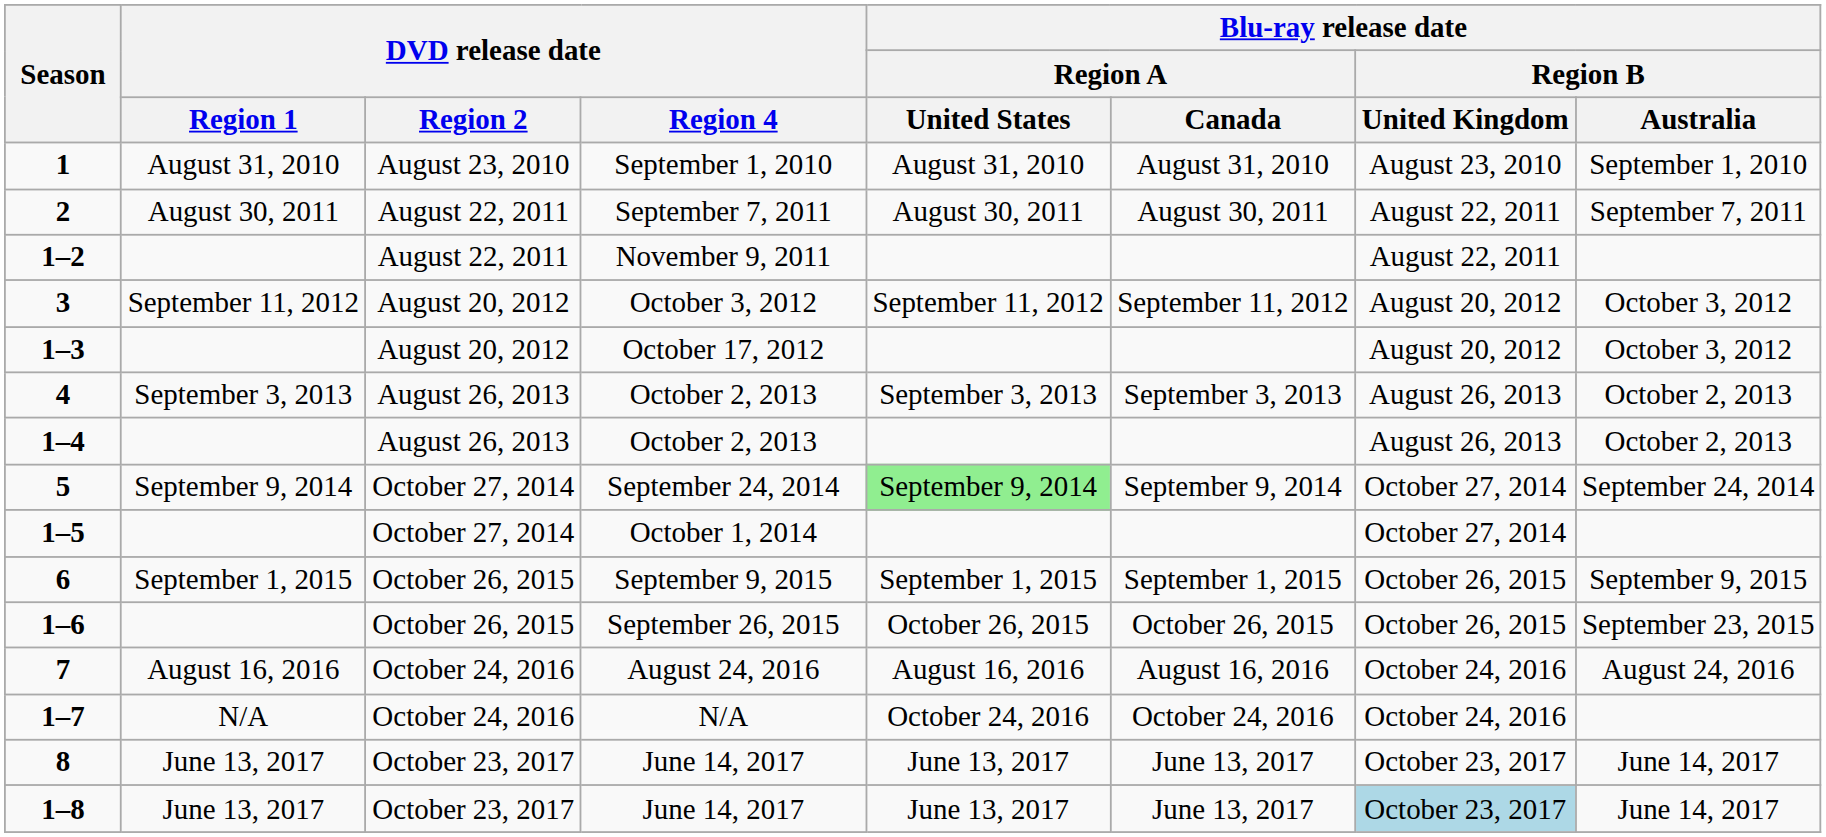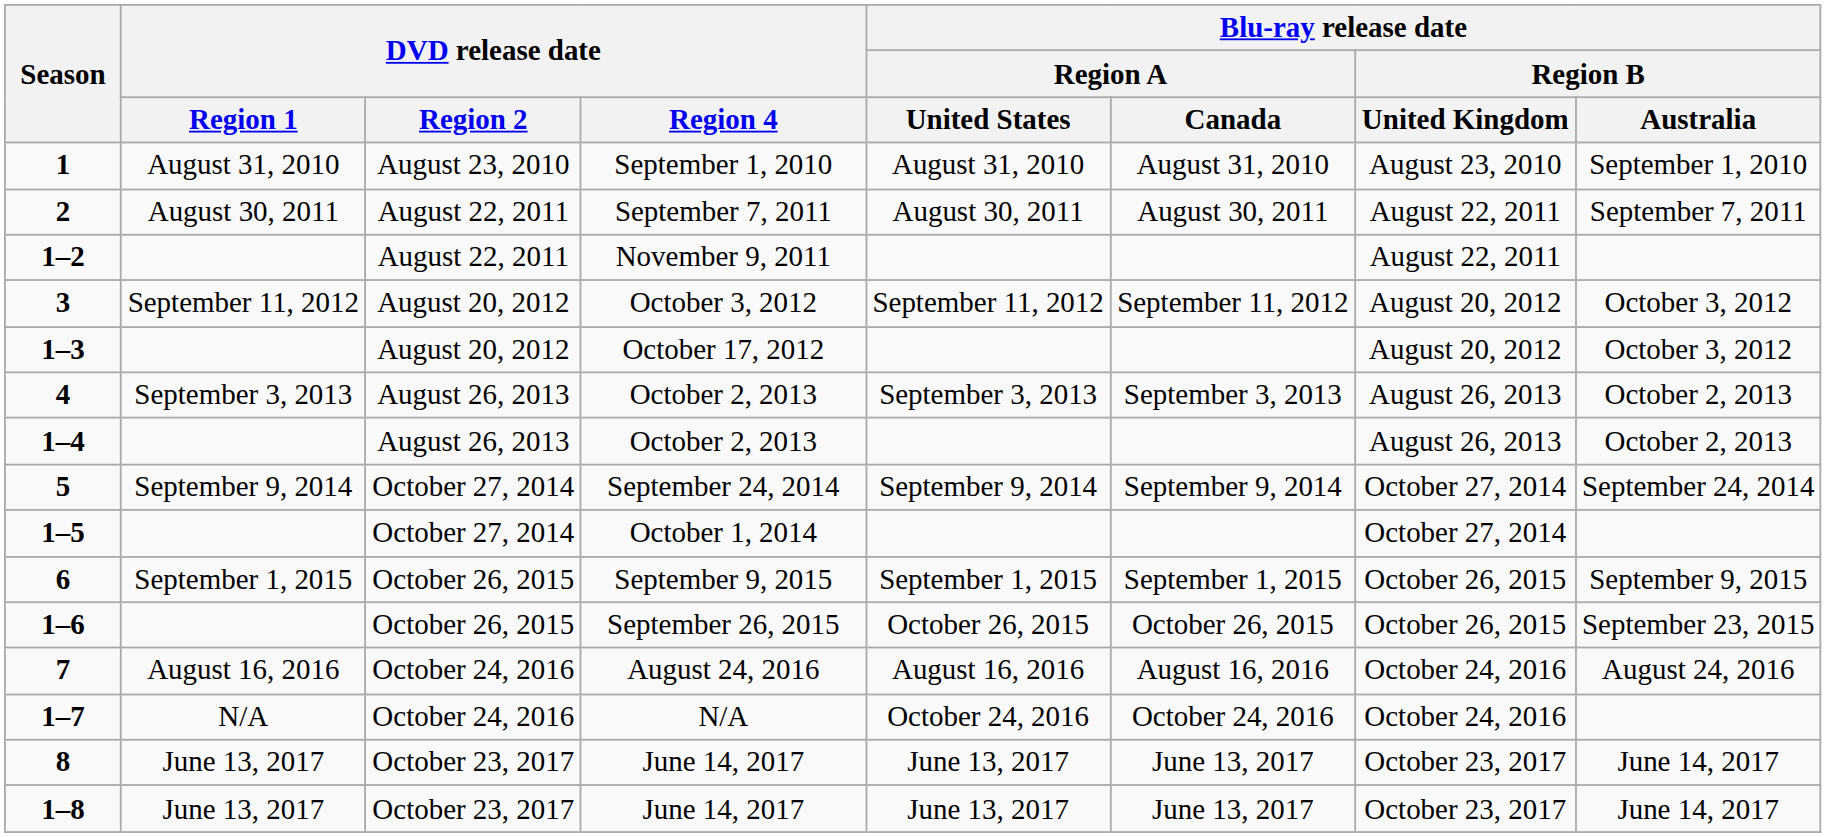 <table class="wikitable" style="text-align:center">
 <tr>
 <th style="padding:0 8px;" rowspan="3">Season</th>
 <th colspan="3" rowspan="2"><a href='#'>DVD</a> release date</th>
 <th colspan="4"><a href='#'>Blu-ray</a> release date</th>
 </tr>
 <tr>
 <th colspan="2">Region A</th>
 <th colspan="2">Region B</th>
 </tr>
 <tr>
 <th><a href='#'>Region 1</a></th>
 <th><a href='#'>Region 2</a></th>
 <th><a href='#'>Region 4</a></th>
 <th>United States</th>
 <th>Canada</th>
 <th>United Kingdom</th>
 <th>Australia</th>
 </tr>
 <tr>
 <td><strong>1</strong></td>
 <td style="padding: 0px 8px">August 31, 2010</td>
 <td>August 23, 2010</td>
 <td style="text-align:center; width:150px;">September 1, 2010</td>
 <td>August 31, 2010</td>
 <td>August 31, 2010</td>
 <td>August 23, 2010</td>
 <td>September 1, 2010</td>
 </tr>
 <tr>
 <td><strong>2</strong></td>
 <td>August 30, 2011</td>
 <td>August 22, 2011</td>
 <td>September 7, 2011</td>
 <td>August 30, 2011</td>
 <td>August 30, 2011</td>
 <td>August 22, 2011</td>
 <td>September 7, 2011</td>
 </tr>
 <tr>
 <td><strong>1–2</strong></td>
 <td></td>
 <td>August 22, 2011</td>
 <td>November 9, 2011</td>
 <td></td>
 <td></td>
 <td>August 22, 2011</td>
 <td></td>
 </tr>
 <tr>
 <td><strong>3</strong></td>
 <td>September 11, 2012</td>
 <td>August 20, 2012</td>
 <td>October 3, 2012</td>
 <td>September 11, 2012</td>
 <td>September 11, 2012</td>
 <td>August 20, 2012</td>
 <td>October 3, 2012</td>
 </tr>
 <tr>
 <td><strong>1–3</strong></td>
 <td></td>
 <td>August 20, 2012</td>
 <td>October 17, 2012</td>
 <td></td>
 <td></td>
 <td>August 20, 2012</td>
 <td>October 3, 2012</td>
 </tr>
 <tr>
 <td><strong>4</strong></td>
 <td>September 3, 2013</td>
 <td>August 26, 2013</td>
 <td>October 2, 2013</td>
 <td>September 3, 2013</td>
 <td>September 3, 2013</td>
 <td>August 26, 2013</td>
 <td>October 2, 2013</td>
 </tr>
 <tr>
 <td><strong>1–4</strong></td>
 <td></td>
 <td>August 26, 2013</td>
 <td>October 2, 2013</td>
 <td></td>
 <td></td>
 <td>August 26, 2013</td>
 <td>October 2, 2013</td>
 </tr>
 <tr>
 <td><strong>5</strong></td>
 <td>September 9, 2014</td>
 <td>October 27, 2014</td>
 <td>September 24, 2014</td>
-<td style="background: lightgreen;">September 9, 2014</td>
+<td>September 9, 2014</td>
 <td>September 9, 2014</td>
 <td>October 27, 2014</td>
 <td>September 24, 2014</td>
 </tr>
 <tr>
 <td><strong>1–5</strong></td>
 <td></td>
 <td>October 27, 2014</td>
 <td>October 1, 2014</td>
 <td></td>
 <td></td>
 <td>October 27, 2014</td>
 <td></td>
 </tr>
 <tr>
 <td><strong>6</strong></td>
 <td>September 1, 2015</td>
 <td>October 26, 2015</td>
 <td>September 9, 2015</td>
 <td>September 1, 2015</td>
 <td>September 1, 2015</td>
 <td>October 26, 2015</td>
 <td>September 9, 2015</td>
 </tr>
 <tr>
 <td><strong>1–6</strong></td>
 <td></td>
 <td>October 26, 2015</td>
 <td>September 26, 2015</td>
 <td>October 26, 2015</td>
 <td>October 26, 2015</td>
 <td>October 26, 2015</td>
 <td>September 23, 2015</td>
 </tr>
 <tr>
 <td><strong>7</strong></td>
 <td>August 16, 2016</td>
 <td>October 24, 2016</td>
 <td>August 24, 2016</td>
 <td>August 16, 2016</td>
 <td>August 16, 2016</td>
 <td>October 24, 2016</td>
 <td>August 24, 2016</td>
 </tr>
 <tr>
 <td><strong>1–7</strong></td>
 <td>N/A</td>
 <td>October 24, 2016</td>
 <td>N/A</td>
 <td>October 24, 2016</td>
 <td>October 24, 2016</td>
 <td>October 24, 2016</td>
 <td></td>
 </tr>
 <tr>
 <td><strong>8</strong></td>
 <td>June 13, 2017</td>
 <td>October 23, 2017</td>
 <td>June 14, 2017</td>
 <td>June 13, 2017</td>
 <td>June 13, 2017</td>
 <td>October 23, 2017</td>
 <td>June 14, 2017</td>
 </tr>
 <tr>
 <td><strong>1–8</strong></td>
 <td>June 13, 2017</td>
 <td>October 23, 2017</td>
 <td>June 14, 2017</td>
 <td>June 13, 2017</td>
 <td>June 13, 2017</td>
-<td style="background: lightblue;">October 23, 2017</td>
+<td>October 23, 2017</td>
 <td>June 14, 2017</td>
 </tr>
 </table>
